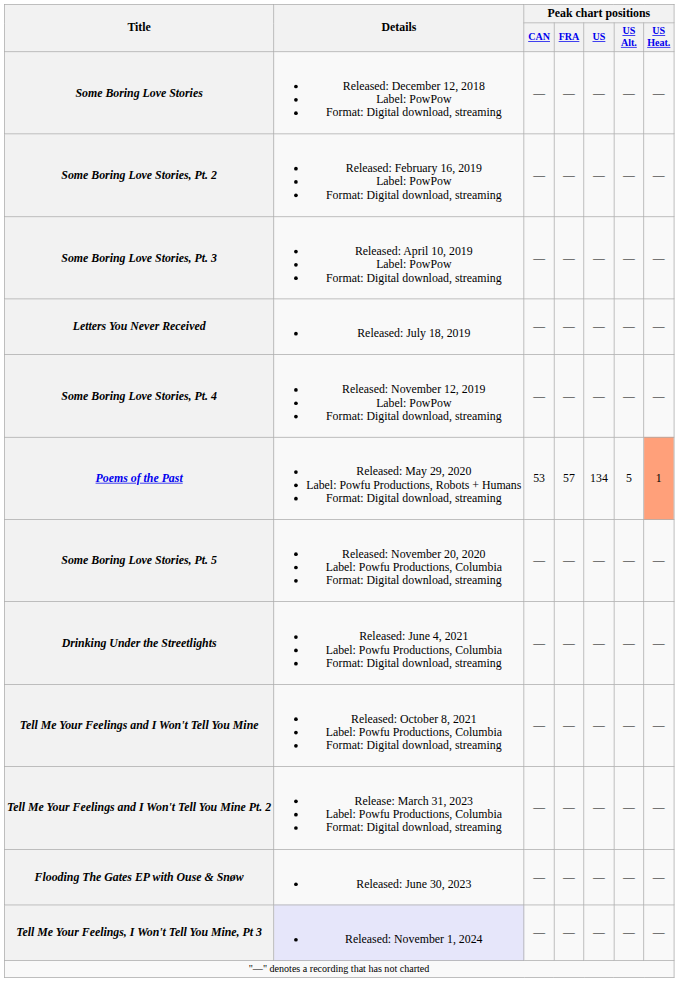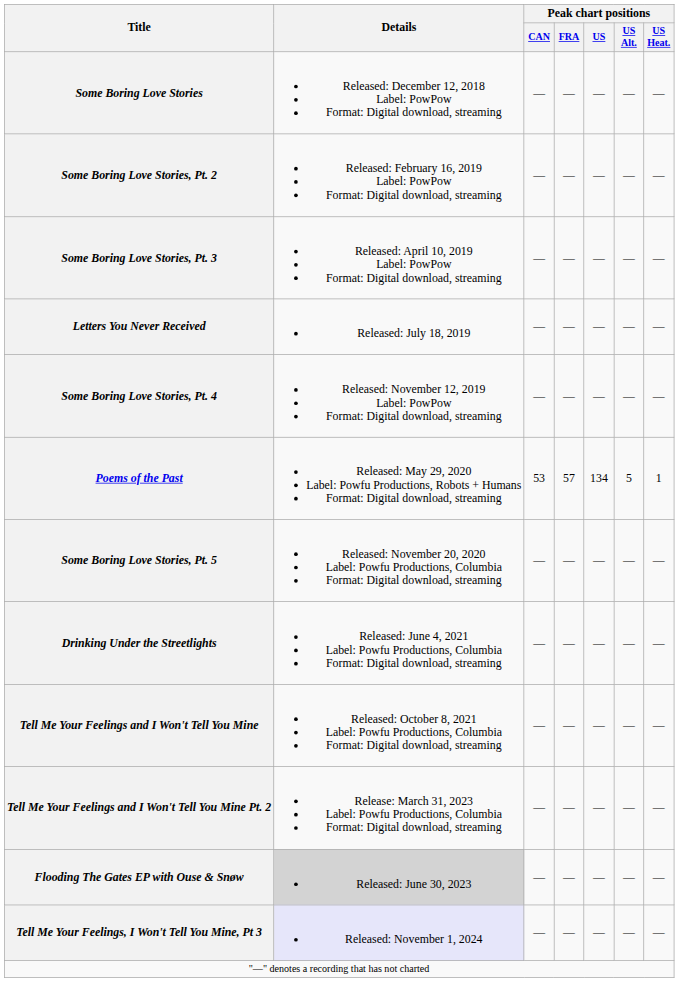 <table class="wikitable plainrowheaders" style="text-align:center;">
 <tr>
 <th rowspan="2" scope="col">Title</th>
 <th rowspan="2" scope="col">Details</th>
 <th scope="col" colspan="5">Peak chart positions</th>
 </tr>
 <tr>
 <th scope="col" style="width:2.5em;font-size:85%;"><a href='#'>CAN</a><br></th>
 <th scope="col" style="width:2.5em;font-size:85%;"><a href='#'>FRA</a><br></th>
 <th scope="col" style="width:2.5em;font-size:85%;"><a href='#'>US</a><br></th>
 <th scope="col" style="width:2.5em;font-size:85%;"><a href='#'>US<br>Alt.</a><br></th>
 <th scope="col" style="width:2.5em;font-size:85%;"><a href='#'>US<br>Heat.</a><br></th>
 </tr>
 <tr>
 <th scope="row"><em>Some Boring Love Stories</em></th>
 <td><br><ul><li>Released: December 12, 2018</li><li>Label: PowPow</li><li>Format: Digital download, streaming</li></ul></td>
 <td>—</td>
 <td>—</td>
 <td>—</td>
 <td>—</td>
 <td>—</td>
 </tr>
 <tr>
 <th scope="row"><em>Some Boring Love Stories, Pt. 2</em></th>
 <td><br><ul><li>Released: February 16, 2019</li><li>Label: PowPow</li><li>Format: Digital download, streaming</li></ul></td>
 <td>—</td>
 <td>—</td>
 <td>—</td>
 <td>—</td>
 <td>—</td>
 </tr>
 <tr>
 <th scope="row"><em>Some Boring Love Stories, Pt. 3</em></th>
 <td><br><ul><li>Released: April 10, 2019</li><li>Label: PowPow</li><li>Format: Digital download, streaming</li></ul></td>
 <td>—</td>
 <td>—</td>
 <td>—</td>
 <td>—</td>
 <td>—</td>
 </tr>
 <tr>
 <th scope="row"><em>Letters You Never Received</em></th>
 <td><br><ul><li>Released: July 18, 2019</li></ul></td>
 <td>—</td>
 <td>—</td>
 <td>—</td>
 <td>—</td>
 <td>—</td>
 </tr>
 <tr>
 <th scope="row"><em>Some Boring Love Stories, Pt. 4</em></th>
 <td><br><ul><li>Released: November 12, 2019</li><li>Label: PowPow</li><li>Format: Digital download, streaming</li></ul></td>
 <td>—</td>
 <td>—</td>
 <td>—</td>
 <td>—</td>
 <td>—</td>
 </tr>
 <tr>
 <th scope="row"><em><a href='#'>Poems of the Past</a></em></th>
 <td><br><ul><li>Released: May 29, 2020</li><li>Label: Powfu Productions, Robots + Humans</li><li>Format: Digital download, streaming</li></ul></td>
 <td>53</td>
 <td>57</td>
 <td>134</td>
 <td>5</td>
-<td style="background: lightsalmon;">1</td>
+<td>1</td>
 </tr>
 <tr>
 <th scope="row"><em>Some Boring Love Stories, Pt. 5</em></th>
 <td><br><ul><li>Released: November 20, 2020</li><li>Label: Powfu Productions, Columbia</li><li>Format: Digital download, streaming</li></ul></td>
 <td>—</td>
 <td>—</td>
 <td>—</td>
 <td>—</td>
 <td>—</td>
 </tr>
 <tr>
 <th scope="row"><em>Drinking Under the Streetlights</em></th>
 <td><br><ul><li>Released: June 4, 2021</li><li>Label: Powfu Productions, Columbia</li><li>Format: Digital download, streaming</li></ul></td>
 <td>—</td>
 <td>—</td>
 <td>—</td>
 <td>—</td>
 <td>—</td>
 </tr>
 <tr>
 <th scope="row"><em>Tell Me Your Feelings and I Won't Tell You Mine</em></th>
 <td><br><ul><li>Released: October 8, 2021</li><li>Label: Powfu Productions, Columbia</li><li>Format: Digital download, streaming</li></ul></td>
 <td>—</td>
 <td>—</td>
 <td>—</td>
 <td>—</td>
 <td>—</td>
 </tr>
 <tr>
 <th scope="row"><em>Tell Me Your Feelings and I Won't Tell You Mine Pt. 2</em></th>
 <td><br><ul><li>Release: March 31, 2023</li><li>Label: Powfu Productions, Columbia</li><li>Format: Digital download, streaming</li></ul></td>
 <td>—</td>
 <td>—</td>
 <td>—</td>
 <td>—</td>
 <td>—</td>
 </tr>
 <tr>
 <th scope="row"><em>Flooding The Gates EP with Ouse & Snøw</em></th>
-<td><br><ul><li>Released: June 30, 2023</li></ul></td>
+<td style="background: lightgrey;"><br><ul><li>Released: June 30, 2023</li></ul></td>
 <td>—</td>
 <td>—</td>
 <td>—</td>
 <td>—</td>
 <td>—</td>
 </tr>
 <tr>
 <th scope="row"><em>Tell Me Your Feelings, I Won't Tell You Mine, Pt 3</em></th>
 <td style="background: lavender;"><br><ul><li>Released: November 1, 2024</li></ul></td>
 <td>—</td>
 <td>—</td>
 <td>—</td>
 <td>—</td>
 <td>—</td>
 </tr>
 <tr>
 <td colspan="10" style="font-size:85%">"—" denotes a recording that has not charted</td>
 </tr>
 </table>
